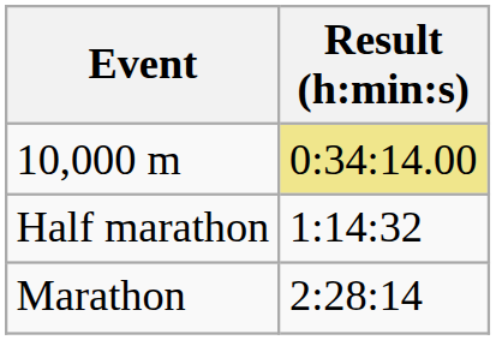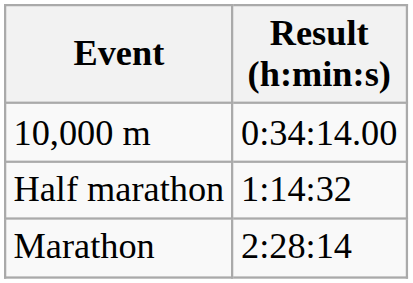 <table class=wikitable style="font-size:100%">
 <tr>
 <th>Event</th>
 <th>Result<br>(h:min:s)</th>
 </tr>
 <tr>
 <td>10,000 m</td>
-<td style="background: khaki;">0:34:14.00</td>
+<td>0:34:14.00</td>
 </tr>
 <tr>
 <td>Half marathon</td>
 <td>1:14:32</td>
 </tr>
 <tr>
 <td>Marathon</td>
 <td>2:28:14</td>
 </tr>
 </table>
